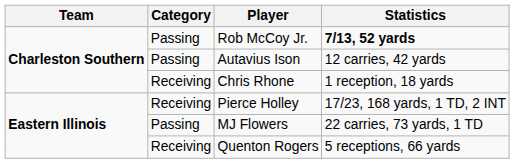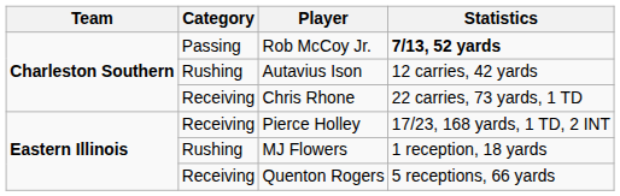 <table class="wikitable" style="float: right;">
 <tr>
 <th>Team</th>
 <th>Category</th>
 <th>Player</th>
 <th>Statistics</th>
 </tr>
 <tr>
 <td rowspan=3><strong>Charleston Southern</strong></td>
 <td>Passing</td>
 <td>Rob McCoy Jr.</td>
 <td><strong>7/13, 52 yards</strong></td>
 </tr>
 <tr>
-<td>Passing</td>
+<td>Rushing</td>
 <td>Autavius Ison</td>
 <td>12 carries, 42 yards</td>
 </tr>
 <tr>
 <td>Receiving</td>
 <td>Chris Rhone</td>
-<td>1 reception, 18 yards</td>
+<td>22 carries, 73 yards, 1 TD</td>
 </tr>
 <tr>
 <td rowspan=3><strong>Eastern Illinois</strong></td>
 <td>Receiving</td>
 <td>Pierce Holley</td>
 <td>17/23, 168 yards, 1 TD, 2 INT</td>
 </tr>
 <tr>
-<td>Passing</td>
+<td>Rushing</td>
 <td>MJ Flowers</td>
-<td>22 carries, 73 yards, 1 TD</td>
+<td>1 reception, 18 yards</td>
 </tr>
 <tr>
 <td>Receiving</td>
 <td>Quenton Rogers</td>
 <td>5 receptions, 66 yards</td>
 </tr>
 </table>
